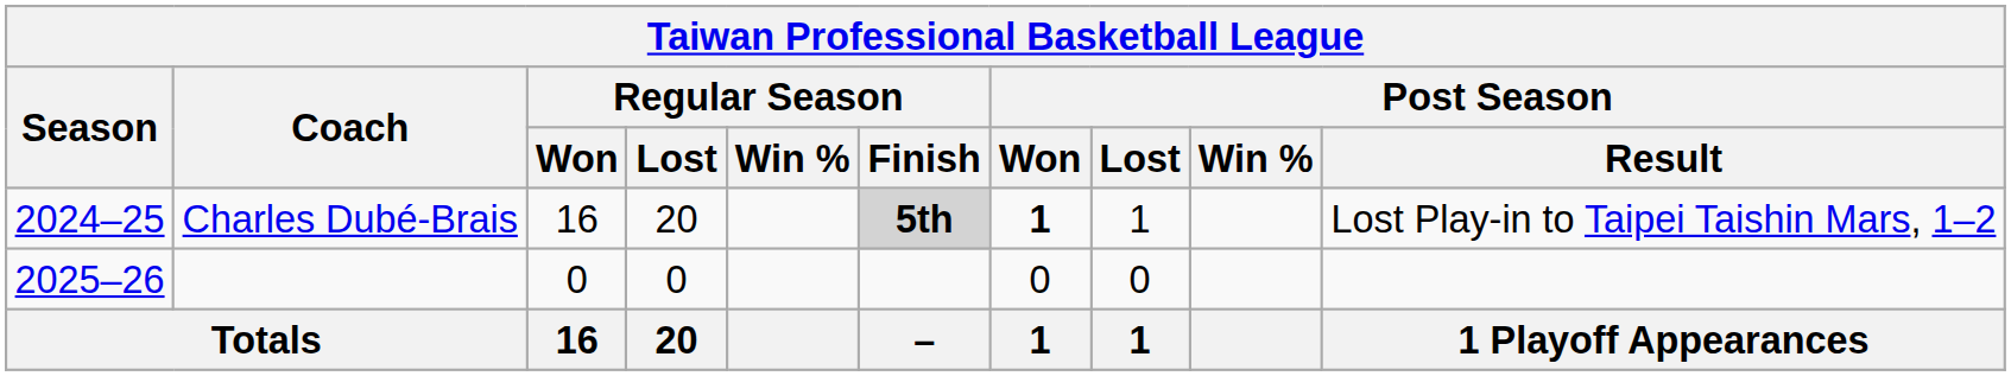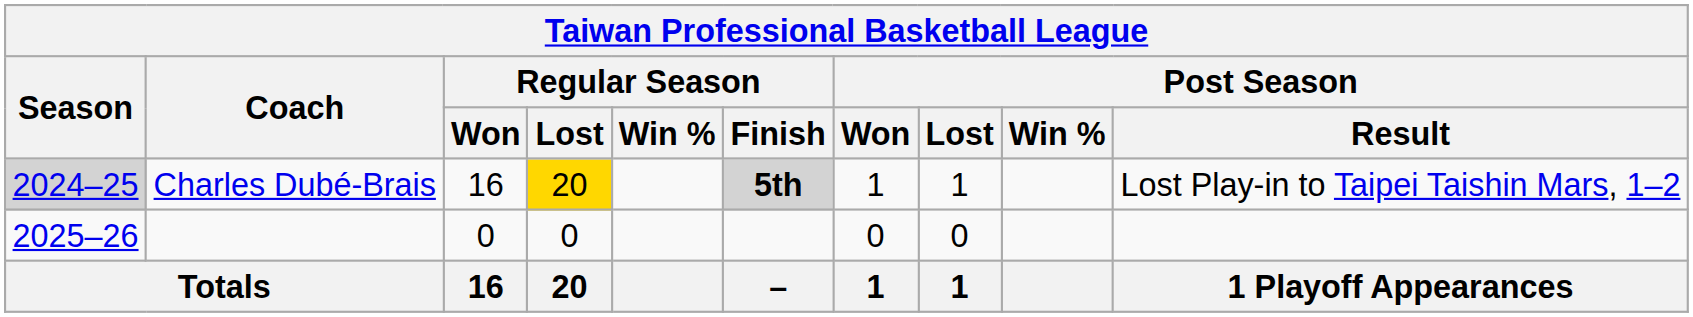 <table class="wikitable" style="font-size: 95%; text-align:center;">
 <tr>
 <th colspan="10"><a href='#'>Taiwan Professional Basketball League</a></th>
 </tr>
 <tr>
 <th rowspan="2">Season</th>
 <th rowspan="2">Coach</th>
 <th colspan="4">Regular Season</th>
 <th colspan="4">Post Season</th>
 </tr>
 <tr>
 <th>Won</th>
 <th>Lost</th>
 <th>Win %</th>
 <th>Finish</th>
 <th>Won</th>
 <th>Lost</th>
 <th>Win %</th>
 <th>Result</th>
 </tr>
 <tr>
-<td><a href='#'>2024–25</a></td>
+<td style="background: lightgrey;"><a href='#'>2024–25</a></td>
 <td><a href='#'>Charles Dubé-Brais</a></td>
 <td>16</td>
-<td>20</td>
+<td style="background: gold;">20</td>
 <td></td>
 <td style="background: lightgrey;"><strong>5th</strong></td>
-<td><strong>1</strong></td>
+<td>1</td>
 <td>1</td>
 <td></td>
 <td>Lost Play-in to <a href='#'>Taipei Taishin Mars</a>, <a href='#'>1–2</a></td>
 </tr>
 <tr>
 <td><a href='#'>2025–26</a></td>
 <td></td>
 <td>0</td>
 <td>0</td>
 <td></td>
 <td></td>
 <td>0</td>
 <td>0</td>
 <td></td>
 <td></td>
 </tr>
 <tr>
 <th colspan="2">Totals</th>
 <th>16</th>
 <th>20</th>
 <th></th>
 <th>–</th>
 <th>1</th>
 <th>1</th>
 <th></th>
 <th>1 Playoff Appearances</th>
 </tr>
 </table>
